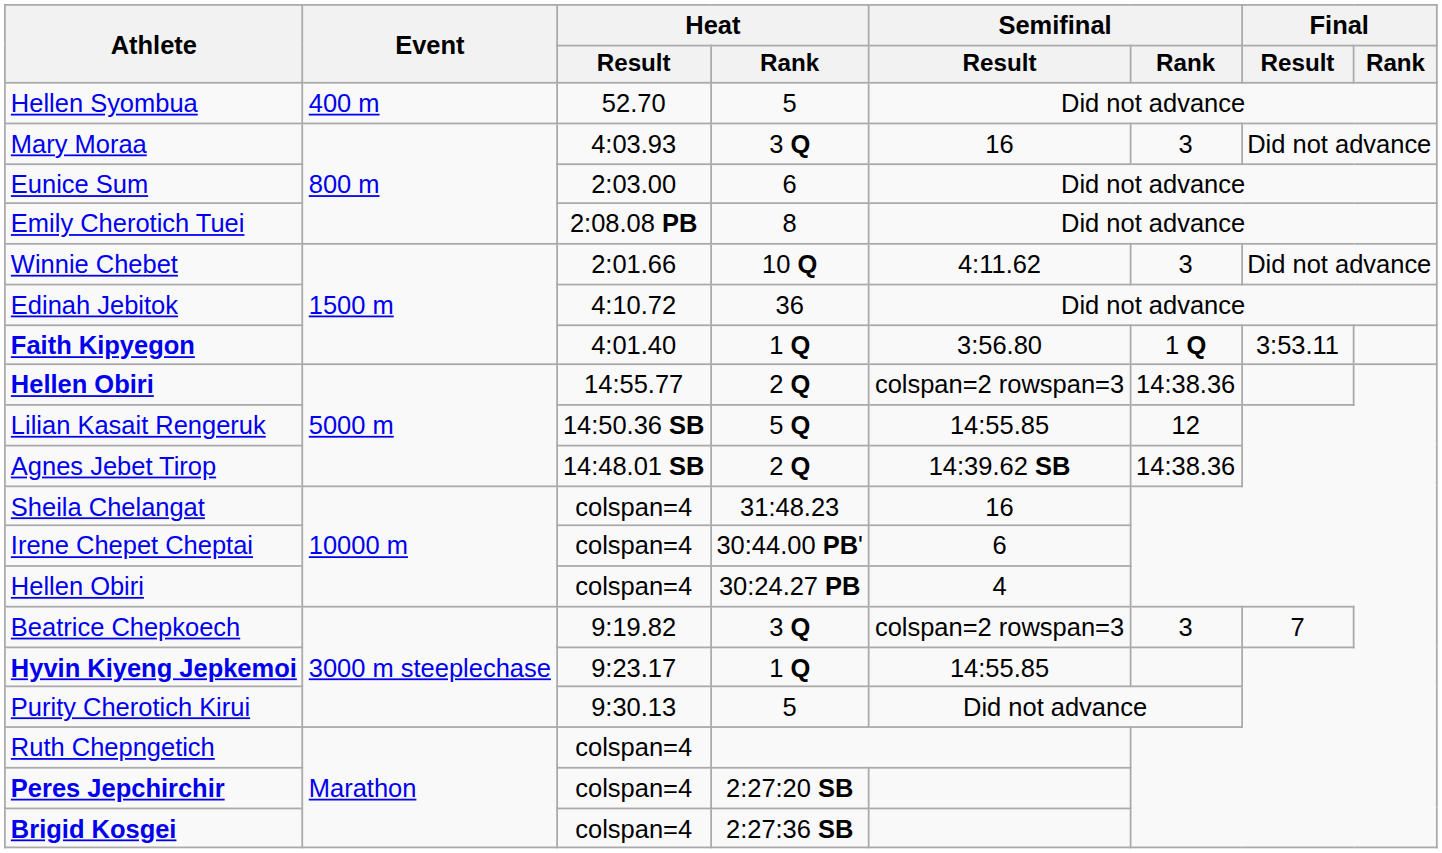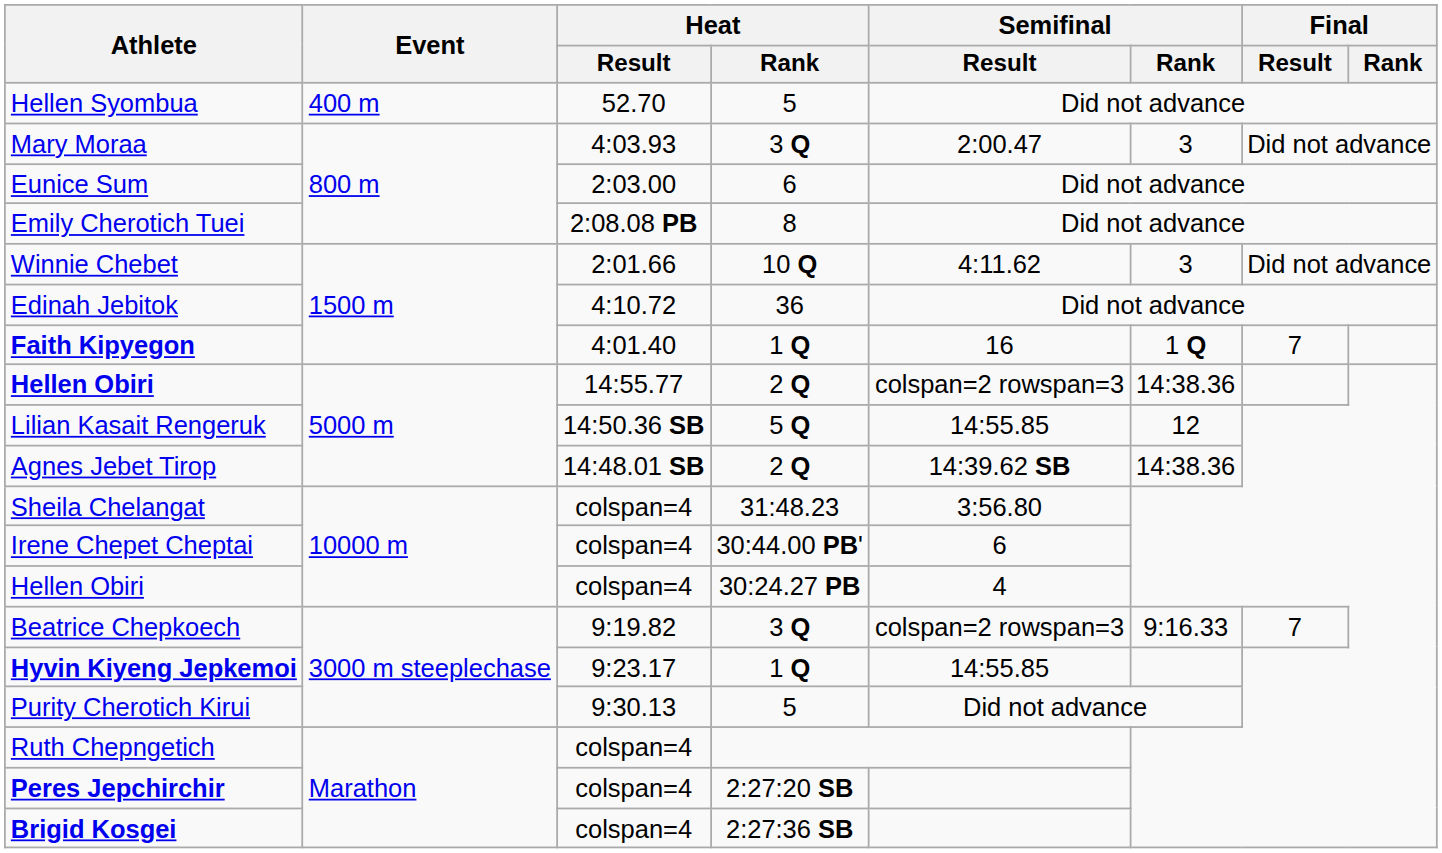 <table class="wikitable" style="font-size:90%">
 <tr>
 <th rowspan="2">Athlete</th>
 <th rowspan="2">Event</th>
 <th colspan="2">Heat</th>
 <th colspan="2">Semifinal</th>
 <th colspan="2">Final</th>
 </tr>
 <tr style="font-size:95%">
 <th>Result</th>
 <th>Rank</th>
 <th>Result</th>
 <th>Rank</th>
 <th>Result</th>
 <th>Rank</th>
 </tr>
 <tr align=center>
 <td align=left><a href='#'>Hellen Syombua</a></td>
 <td align=left><a href='#'>400 m</a></td>
 <td>52.70</td>
 <td>5</td>
 <td colspan=4>Did not advance</td>
 </tr>
 <tr align=center>
 <td align=left><a href='#'>Mary Moraa</a></td>
 <td align=left rowspan=3><a href='#'>800 m</a></td>
 <td>4:03.93</td>
 <td>3 <strong>Q</strong></td>
-<td>16</td>
+<td>2:00.47</td>
 <td>3</td>
 <td colspan=2>Did not advance</td>
 </tr>
 <tr align=center>
 <td align=left><a href='#'>Eunice Sum</a></td>
 <td>2:03.00</td>
 <td>6</td>
 <td colspan=4>Did not advance</td>
 </tr>
 <tr align=center>
 <td align=left><a href='#'>Emily Cherotich Tuei</a></td>
 <td>2:08.08 <strong>PB</strong></td>
 <td>8</td>
 <td colspan=4>Did not advance</td>
 </tr>
 <tr align=center>
 <td align=left><a href='#'>Winnie Chebet</a></td>
 <td align=left rowspan=3><a href='#'>1500 m</a></td>
 <td>2:01.66</td>
 <td>10 <strong>Q</strong></td>
 <td>4:11.62</td>
 <td>3</td>
 <td colspan=2>Did not advance</td>
 </tr>
 <tr align=center>
 <td align=left><a href='#'>Edinah Jebitok</a></td>
 <td>4:10.72</td>
 <td>36</td>
 <td colspan=4>Did not advance</td>
 </tr>
 <tr align=center>
 <td align=left><strong><a href='#'>Faith Kipyegon</a></strong></td>
 <td>4:01.40</td>
 <td>1 <strong>Q</strong></td>
-<td>3:56.80</td>
+<td>16</td>
 <td>1 <strong>Q</strong></td>
-<td>3:53.11 </td>
+<td>7</td>
 <td></td>
 </tr>
 <tr align=center>
 <td align=left><strong><a href='#'>Hellen Obiri</a></strong></td>
 <td align=left rowspan=3><a href='#'>5000 m</a></td>
 <td>14:55.77</td>
 <td>2 <strong>Q</strong></td>
 <td>colspan=2 rowspan=3 </td>
 <td>14:38.36</td>
 <td></td>
 </tr>
 <tr align=center>
 <td align=left><a href='#'>Lilian Kasait Rengeruk</a></td>
 <td>14:50.36 <strong>SB</strong></td>
 <td>5 <strong>Q</strong></td>
 <td>14:55.85</td>
 <td>12</td>
 </tr>
 <tr align=center>
 <td align=left><a href='#'>Agnes Jebet Tirop</a></td>
 <td>14:48.01 <strong>SB</strong></td>
 <td>2 <strong>Q</strong></td>
 <td>14:39.62 <strong>SB</strong></td>
 <td>14:38.36</td>
 </tr>
 <tr align=center>
 <td align=left><a href='#'>Sheila Chelangat</a></td>
 <td align=left rowspan=3><a href='#'>10000 m</a></td>
 <td>colspan=4 </td>
 <td>31:48.23</td>
-<td>16</td>
+<td>3:56.80</td>
 </tr>
 <tr align=center>
 <td align=left><a href='#'>Irene Chepet Cheptai</a></td>
 <td>colspan=4 </td>
 <td>30:44.00 <strong>PB</strong>'</td>
 <td>6</td>
 </tr>
 <tr align=center>
 <td align=left><a href='#'>Hellen Obiri</a></td>
 <td>colspan=4 </td>
 <td>30:24.27 <strong>PB</strong></td>
 <td>4</td>
 </tr>
 <tr align=center>
 <td align=left><a href='#'>Beatrice Chepkoech</a></td>
 <td align=left rowspan=3><a href='#'>3000 m steeplechase</a></td>
 <td>9:19.82</td>
 <td>3 <strong>Q</strong></td>
 <td>colspan=2 rowspan=3 </td>
-<td>3</td>
+<td>9:16.33</td>
 <td>7</td>
 </tr>
 <tr align=center>
 <td align=left><strong><a href='#'>Hyvin Kiyeng Jepkemoi</a></strong></td>
 <td>9:23.17</td>
 <td>1 <strong>Q</strong></td>
 <td>14:55.85</td>
 <td></td>
 </tr>
 <tr align=center>
 <td align=left><a href='#'>Purity Cherotich Kirui</a></td>
 <td>9:30.13</td>
 <td>5</td>
 <td colspan=2>Did not advance</td>
 </tr>
 <tr align=center>
 <td align=left><a href='#'>Ruth Chepngetich</a></td>
 <td align=left rowspan=3><a href='#'>Marathon</a></td>
 <td>colspan=4 </td>
 <td colspan=2></td>
 </tr>
 <tr align=center>
 <td align=left><strong><a href='#'>Peres Jepchirchir</a></strong></td>
 <td>colspan=4 </td>
 <td>2:27:20 <strong>SB</strong></td>
 <td></td>
 </tr>
 <tr align=center>
 <td align=left><strong><a href='#'>Brigid Kosgei</a></strong></td>
 <td>colspan=4 </td>
 <td>2:27:36 <strong>SB</strong></td>
 <td></td>
 </tr>
 </table>
